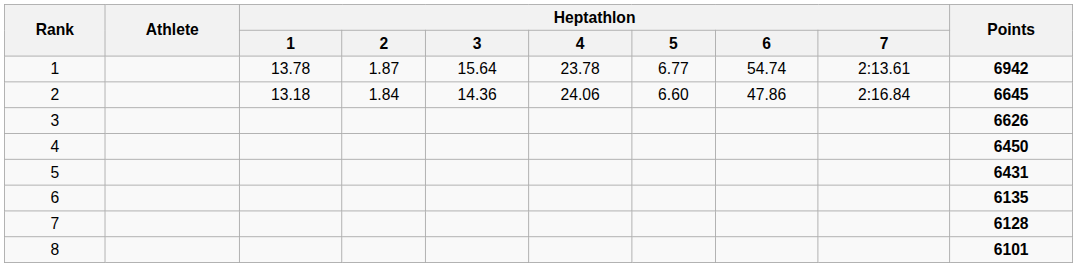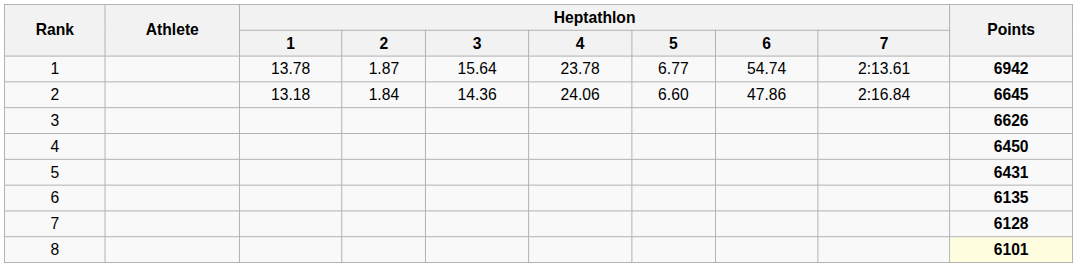 <table class="wikitable" style=" text-align:center; font-size:110%;" width="95%">
 <tr>
 <th rowspan="2">Rank</th>
 <th rowspan="2">Athlete</th>
 <th colspan="7">Heptathlon</th>
 <th rowspan="2">Points</th>
 </tr>
 <tr>
 <th>1</th>
 <th>2</th>
 <th>3</th>
 <th>4</th>
 <th>5</th>
 <th>6</th>
 <th>7</th>
 </tr>
 <tr>
 <td>1</td>
 <td align=left></td>
 <td>13.78</td>
 <td>1.87</td>
 <td>15.64</td>
 <td>23.78</td>
 <td>6.77</td>
 <td>54.74</td>
 <td>2:13.61</td>
 <td><strong>6942</strong> </td>
 </tr>
 <tr>
 <td>2</td>
 <td align=left></td>
 <td>13.18</td>
 <td>1.84</td>
 <td>14.36</td>
 <td>24.06</td>
 <td>6.60</td>
 <td>47.86</td>
 <td>2:16.84</td>
 <td><strong>6645</strong></td>
 </tr>
 <tr>
 <td>3</td>
 <td align=left></td>
 <td></td>
 <td></td>
 <td></td>
 <td></td>
 <td></td>
 <td></td>
 <td></td>
 <td><strong>6626</strong></td>
 </tr>
 <tr>
 <td>4</td>
 <td align=left></td>
 <td></td>
 <td></td>
 <td></td>
 <td></td>
 <td></td>
 <td></td>
 <td></td>
 <td><strong>6450</strong></td>
 </tr>
 <tr>
 <td>5</td>
 <td align=left></td>
 <td></td>
 <td></td>
 <td></td>
 <td></td>
 <td></td>
 <td></td>
 <td></td>
 <td><strong>6431</strong></td>
 </tr>
 <tr>
 <td>6</td>
 <td align=left></td>
 <td></td>
 <td></td>
 <td></td>
 <td></td>
 <td></td>
 <td></td>
 <td></td>
 <td><strong>6135</strong></td>
 </tr>
 <tr>
 <td>7</td>
 <td align=left></td>
 <td></td>
 <td></td>
 <td></td>
 <td></td>
 <td></td>
 <td></td>
 <td></td>
 <td><strong>6128</strong></td>
 </tr>
 <tr>
 <td>8</td>
 <td align=left></td>
 <td></td>
 <td></td>
 <td></td>
 <td></td>
 <td></td>
 <td></td>
 <td></td>
-<td><strong>6101</strong></td>
+<td style="background: lightyellow;"><strong>6101</strong></td>
 </tr>
 </table>
